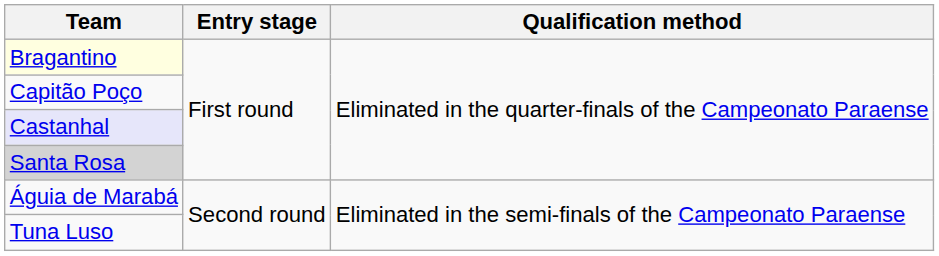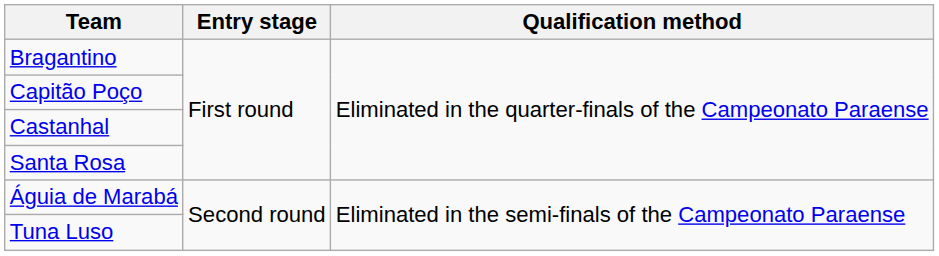 <table class="wikitable">
 <tr>
 <th>Team </th>
 <th>Entry stage</th>
 <th>Qualification method</th>
 </tr>
 <tr>
-<td style="background: lightyellow;"><a href='#'>Bragantino</a></td>
+<td><a href='#'>Bragantino</a></td>
 <td rowspan=4>First round</td>
 <td rowspan=4>Eliminated in the quarter-finals of the <a href='#'>Campeonato Paraense</a></td>
 </tr>
 <tr>
 <td><a href='#'>Capitão Poço</a></td>
 </tr>
 <tr>
-<td style="background: lavender;"><a href='#'>Castanhal</a></td>
+<td><a href='#'>Castanhal</a></td>
 </tr>
 <tr>
-<td style="background: lightgrey;"><a href='#'>Santa Rosa</a></td>
+<td><a href='#'>Santa Rosa</a></td>
 </tr>
 <tr>
 <td><a href='#'>Águia de Marabá</a></td>
 <td rowspan=2>Second round</td>
 <td rowspan=2>Eliminated in the semi-finals of the <a href='#'>Campeonato Paraense</a></td>
 </tr>
 <tr>
 <td><a href='#'>Tuna Luso</a></td>
 </tr>
 </table>
